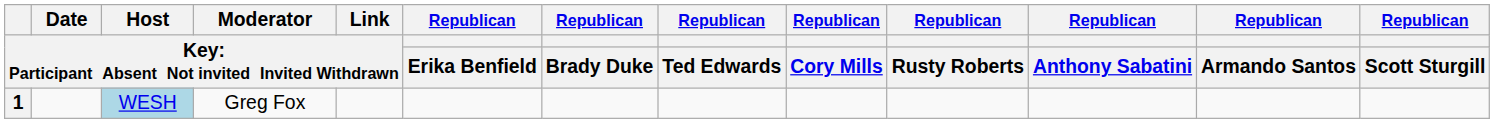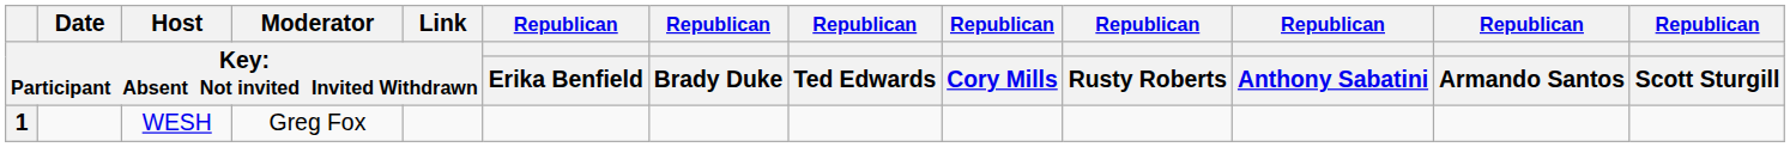 <table class="wikitable" style="text-align:center;">
 <tr>
 <th scope="col"></th>
 <th scope="col">Date</th>
 <th scope="col">Host</th>
 <th scope="col">Moderator</th>
 <th scope="col">Link</th>
 <th scope="col"><small><a href='#'>Republican</a></small></th>
 <th scope="col"><small><a href='#'>Republican</a></small></th>
 <th scope="col"><small><a href='#'>Republican</a></small></th>
 <th scope="col"><small><a href='#'>Republican</a></small></th>
 <th scope="col"><small><a href='#'>Republican</a></small></th>
 <th scope="col"><small><a href='#'>Republican</a></small></th>
 <th scope="col"><small><a href='#'>Republican</a></small></th>
 <th scope="col"><small><a href='#'>Republican</a></small></th>
 </tr>
 <tr>
 <th colspan="5" rowspan="2">Key:<br> <small>Participant </small>  <small>Absent </small>  <small>Not invited </small>  <small>Invited  Withdrawn</small></th>
 <th scope="col" style="background:"></th>
 <th scope="col" style="background:"></th>
 <th scope="col" style="background:"></th>
 <th scope="col" style="background:"></th>
 <th scope="col" style="background:"></th>
 <th scope="col" style="background:"></th>
 <th scope="col" style="background:"></th>
 <th scope="col" style="background:"></th>
 </tr>
 <tr>
 <th scope="col">Erika Benfield</th>
 <th scope="col">Brady Duke</th>
 <th scope="col">Ted Edwards</th>
 <th scope="col"><a href='#'>Cory Mills</a></th>
 <th scope="col">Rusty Roberts</th>
 <th scope="col"><a href='#'>Anthony Sabatini</a></th>
 <th scope="col">Armando Santos</th>
 <th scope="col">Scott Sturgill</th>
 </tr>
 <tr>
 <th>1</th>
 <td style="white-space:nowrap;"></td>
-<td style="background: lightblue; white-space:nowrap;"><a href='#'>WESH</a></td>
+<td style="white-space:nowrap;"><a href='#'>WESH</a></td>
 <td style="white-space:nowrap;">Greg Fox</td>
 <td style="white-space:nowrap;"></td>
 <td></td>
 <td></td>
 <td></td>
 <td></td>
 <td></td>
 <td></td>
 <td></td>
 <td></td>
 </tr>
 </table>
